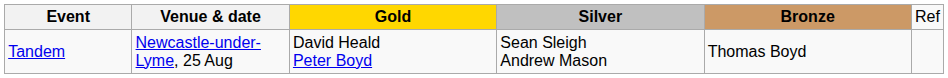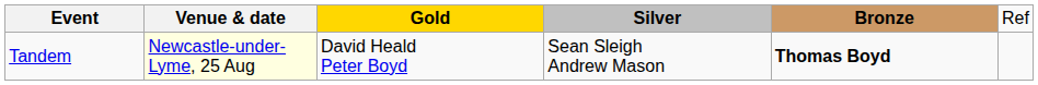 <table class="wikitable" style="font-size: 100%">
 <tr>
 <th width=120>Event</th>
 <th width=150>Venue & date</th>
 <th width=200 style="background-color: gold;">Gold</th>
 <th width=200 style="background-color: silver;">Silver</th>
 <th width=200 style="background-color: #cc9966;">Bronze</th>
 <td !width=20>Ref</td>
 </tr>
 <tr>
 <td><a href='#'>Tandem</a></td>
-<td><a href='#'>Newcastle-under-Lyme</a>, 25 Aug</td>
+<td style="background: lightyellow;"><a href='#'>Newcastle-under-Lyme</a>, 25 Aug</td>
 <td>David Heald<br><a href='#'>Peter Boyd</a></td>
 <td>Sean Sleigh<br>Andrew Mason</td>
-<td>Thomas Boyd<br></td>
+<td><strong>Thomas Boyd<br></strong></td>
 </tr>
 </table>
